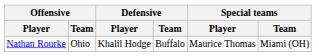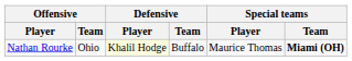 <table class="wikitable" style="display: inline-table;">
 <tr>
 <th colspan="2">Offensive</th>
 <th colspan="2">Defensive</th>
 <th colspan="2">Special teams</th>
 </tr>
 <tr>
 <th>Player</th>
 <th>Team</th>
 <th>Player</th>
 <th>Team</th>
 <th>Player</th>
 <th>Team</th>
 </tr>
 <tr>
 <td><a href='#'>Nathan Rourke</a></td>
 <td>Ohio</td>
-<td>Khalil Hodge</td>
+<td style="background: lightyellow;">Khalil Hodge</td>
 <td>Buffalo</td>
 <td>Maurice Thomas</td>
-<td>Miami (OH)</td>
+<td><strong>Miami (OH)</strong></td>
 </tr>
 </table>
